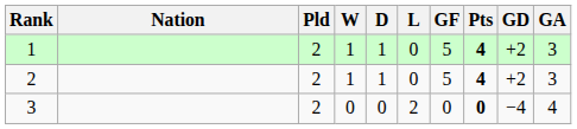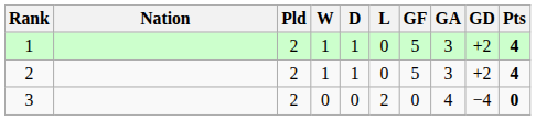 <table class="wikitable" style="text-align: center;">
 <tr>
 <th width=5>Rank</th>
 <th width=200>Nation</th>
 <th width=20>Pld</th>
 <th width=20>W</th>
 <th width=20>D</th>
 <th width=20>L</th>
 <th width=20>GF</th>
+<th width=20>GA</th>
+<th width=20>GD</th>
 <th width=20>Pts</th>
-<th width=20>GD</th>
-<th width=20>GA</th>
 </tr>
 <tr style="background:#ccffcc">
 <td>1</td>
 <td style="text-align:left"></td>
 <td>2</td>
 <td>1</td>
 <td>1</td>
 <td>0</td>
 <td>5</td>
+<td>3</td>
+<td>+2</td>
 <td><strong>4</strong></td>
-<td>+2</td>
-<td>3</td>
 </tr>
 <tr>
 <td>2</td>
 <td style="text-align:left"></td>
 <td>2</td>
 <td>1</td>
 <td>1</td>
 <td>0</td>
 <td>5</td>
+<td>3</td>
+<td>+2</td>
 <td><strong>4</strong></td>
-<td>+2</td>
-<td>3</td>
 </tr>
 <tr>
 <td>3</td>
 <td style="text-align:left"></td>
 <td>2</td>
 <td>0</td>
 <td>0</td>
 <td>2</td>
 <td>0</td>
+<td>4</td>
+<td>−4</td>
 <td><strong>0</strong></td>
-<td>−4</td>
-<td>4</td>
 </tr>
 </table>
